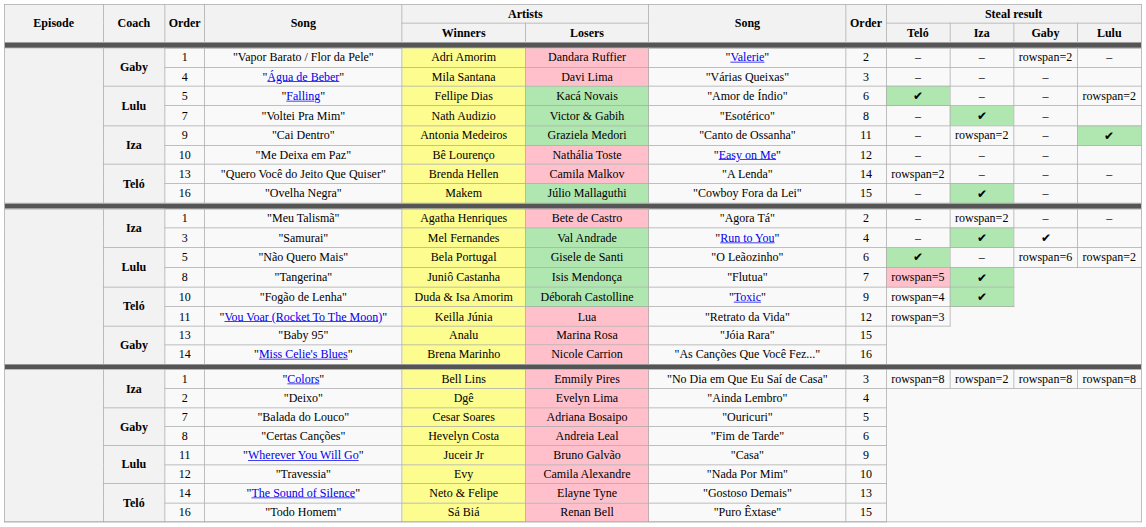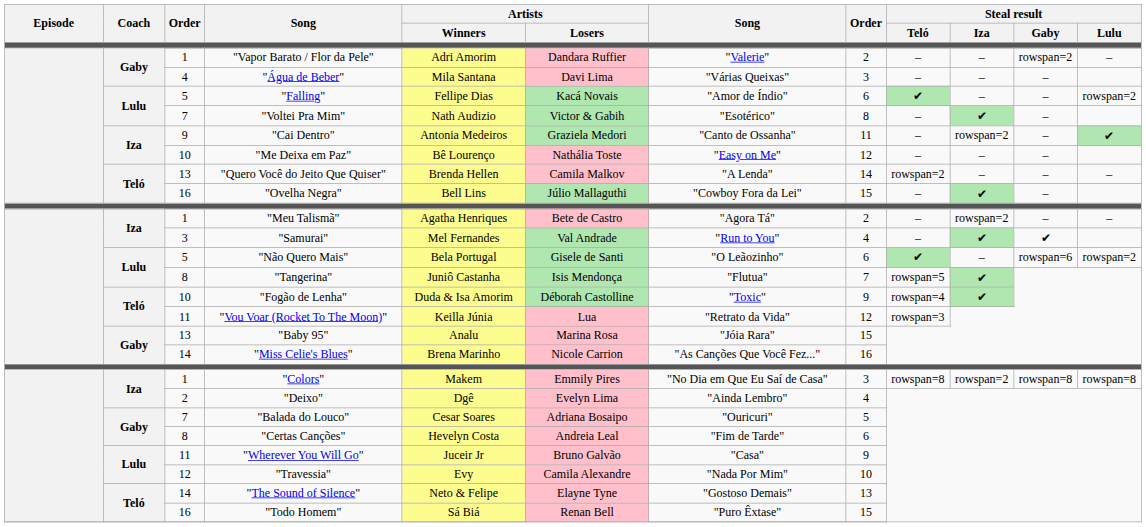 <table class="wikitable" style="text-align:center; width:120%;">
 <tr>
 <th scope="col" width="08.0%" rowspan=2>Episode</th>
 <th scope="col" width="05.0%" rowspan=2>Coach</th>
 <th scope="col" width="02.5%" rowspan=2>Order</th>
 <th scope="col" width="16.0%" rowspan=2>Song</th>
 <th scope="col" width="20.0%" colspan=2>Artists</th>
 <th scope="col" width="16.0%" rowspan=2>Song</th>
 <th scope="col" width="02.5%" rowspan=2>Order</th>
 <th scope="col" width="20.0%" colspan=4>Steal result</th>
 </tr>
 <tr>
 <th scope="col" width="10%">Winners</th>
 <th scope="col" width="10%">Losers</th>
 <th scope="col" width="05%">Teló</th>
 <th scope="col" width="05%">Iza</th>
 <th scope="col" width="05%">Gaby</th>
 <th scope="col" width="05%">Lulu</th>
 </tr>
 <tr>
 <td colspan=12 bgcolor=555555></td>
 </tr>
 <tr>
 <th rowspan=8></th>
 <th rowspan=2>Gaby</th>
 <td>1</td>
 <td>"Vapor Barato / Flor da Pele"</td>
 <td bgcolor=FDFC8F>Adri Amorim</td>
 <td bgcolor=FFC0CB>Dandara Ruffier</td>
 <td>"<a href='#'>Valerie</a>"</td>
 <td>2</td>
 <td>–</td>
 <td>–</td>
 <td>rowspan=2 </td>
 <td>–</td>
 </tr>
 <tr>
 <td>4</td>
 <td>"<a href='#'>Água de Beber</a>"</td>
 <td bgcolor=FDFC8F>Mila Santana</td>
 <td bgcolor=FFC0CB>Davi Lima</td>
 <td>"Várias Queixas"</td>
 <td>3</td>
 <td>–</td>
 <td>–</td>
 <td>–</td>
 </tr>
 <tr>
 <th rowspan=2>Lulu</th>
 <td>5</td>
 <td>"<a href='#'>Falling</a>"</td>
 <td bgcolor=FDFC8F>Fellipe Dias</td>
 <td bgcolor=B0E6B0>Kacá Novais</td>
 <td>"Amor de Índio"</td>
 <td>6</td>
 <td bgcolor=B0E6B0>✔</td>
 <td>–</td>
 <td>–</td>
 <td>rowspan=2 </td>
 </tr>
 <tr>
 <td>7</td>
 <td>"Voltei Pra Mim"</td>
 <td bgcolor=FDFC8F>Nath Audizio</td>
 <td bgcolor=B0E6B0>Victor & Gabih</td>
 <td>"Esotérico"</td>
 <td>8</td>
 <td>–</td>
 <td bgcolor=B0E6B0>✔</td>
 <td>–</td>
 </tr>
 <tr>
 <th rowspan=2>Iza</th>
 <td>9</td>
 <td>"Cai Dentro"</td>
 <td bgcolor=FDFC8F>Antonia Medeiros</td>
 <td bgcolor=B0E6B0>Graziela Medori</td>
 <td>"Canto de Ossanha"</td>
 <td>11</td>
 <td>–</td>
 <td>rowspan=2 </td>
 <td>–</td>
 <td bgcolor=B0E6B0>✔</td>
 </tr>
 <tr>
 <td>10</td>
 <td>"Me Deixa em Paz"</td>
 <td bgcolor=FDFC8F>Bê Lourenço</td>
 <td bgcolor=FFC0CB>Nathália Toste</td>
 <td>"<a href='#'>Easy on Me</a>"</td>
 <td>12</td>
 <td>–</td>
 <td>–</td>
 <td>–</td>
 </tr>
 <tr>
 <th rowspan=2>Teló</th>
 <td>13</td>
 <td>"Quero Você do Jeito Que Quiser"</td>
 <td bgcolor=FDFC8F>Brenda Hellen</td>
 <td bgcolor=FFC0CB>Camila Malkov</td>
 <td>"A Lenda"</td>
 <td>14</td>
 <td>rowspan=2 </td>
 <td>–</td>
 <td>–</td>
 <td>–</td>
 </tr>
 <tr>
 <td>16</td>
 <td>"Ovelha Negra"</td>
-<td bgcolor=FDFC8F>Makem</td>
+<td bgcolor=FDFC8F>Bell Lins</td>
 <td bgcolor=B0E6B0>Júlio Mallaguthi</td>
 <td>"Cowboy Fora da Lei"</td>
 <td>15</td>
 <td>–</td>
 <td bgcolor=B0E6B0>✔</td>
 <td>–</td>
 </tr>
 <tr>
 <td colspan=12 bgcolor=555555></td>
 </tr>
 <tr>
 <th rowspan=8></th>
 <th rowspan=2>Iza</th>
 <td>1</td>
 <td>"Meu Talismã"</td>
 <td bgcolor=FDFC8F>Agatha Henriques</td>
 <td bgcolor=FFC0CB>Bete de Castro</td>
 <td>"Agora Tá"</td>
 <td>2</td>
 <td>–</td>
 <td>rowspan=2 </td>
 <td>–</td>
 <td>–</td>
 </tr>
 <tr>
 <td>3</td>
 <td>"Samurai"</td>
 <td bgcolor=FDFC8F>Mel Fernandes</td>
 <td bgcolor=B0E6B0>Val Andrade</td>
 <td>"<a href='#'>Run to You</a>"</td>
 <td>4</td>
 <td>–</td>
 <td bgcolor=B0E6B0>✔</td>
 <td>✔</td>
 </tr>
 <tr>
 <th rowspan=2>Lulu</th>
 <td>5</td>
 <td>"Não Quero Mais"</td>
 <td bgcolor=FDFC8F>Bela Portugal</td>
 <td bgcolor=B0E6B0>Gisele de Santi</td>
 <td>"O Leãozinho"</td>
 <td>6</td>
 <td bgcolor=B0E6B0>✔</td>
 <td>–</td>
 <td>rowspan=6 </td>
 <td>rowspan=2 </td>
 </tr>
 <tr>
 <td>8</td>
 <td>"Tangerina"</td>
 <td bgcolor=FDFC8F>Juniô Castanha</td>
 <td bgcolor=B0E6B0>Isis Mendonça</td>
 <td>"Flutua"</td>
 <td>7</td>
-<td style="background: pink;">rowspan=5 </td>
+<td>rowspan=5 </td>
 <td bgcolor=B0E6B0>✔</td>
 </tr>
 <tr>
 <th rowspan=2>Teló</th>
 <td>10</td>
 <td>"Fogão de Lenha"</td>
 <td bgcolor=FDFC8F>Duda & Isa Amorim</td>
 <td bgcolor=B0E6B0>Déborah Castolline</td>
 <td>"<a href='#'>Toxic</a>"</td>
 <td>9</td>
 <td>rowspan=4 </td>
 <td bgcolor=B0E6B0>✔</td>
 </tr>
 <tr>
 <td>11</td>
 <td>"<a href='#'>Vou Voar (Rocket To The Moon)</a>"</td>
 <td bgcolor=FDFC8F>Keilla Júnia</td>
 <td bgcolor=FFC0CB>Lua</td>
 <td>"Retrato da Vida"</td>
 <td>12</td>
 <td>rowspan=3 </td>
 </tr>
 <tr>
 <th rowspan=2>Gaby</th>
 <td>13</td>
 <td>"Baby 95"</td>
 <td bgcolor=FDFC8F>Analu</td>
 <td bgcolor=FFC0CB>Marina Rosa</td>
 <td>"Jóia Rara"</td>
 <td>15</td>
 </tr>
 <tr>
 <td>14</td>
 <td>"<a href='#'>Miss Celie's Blues</a>"</td>
 <td bgcolor=FDFC8F>Brena Marinho</td>
 <td bgcolor=FFC0CB>Nicole Carrion</td>
 <td>"As Canções Que Você Fez..."</td>
 <td>16</td>
 </tr>
 <tr>
 <td colspan=12 bgcolor=555555></td>
 </tr>
 <tr>
 <th rowspan=8></th>
 <th rowspan=2>Iza</th>
 <td>1</td>
 <td>"<a href='#'>Colors</a>"</td>
-<td bgcolor=FDFC8F>Bell Lins</td>
+<td bgcolor=FDFC8F>Makem</td>
 <td bgcolor=FFC0CB>Emmily Pires</td>
 <td>"No Dia em Que Eu Saí de Casa"</td>
 <td>3</td>
 <td>rowspan=8 </td>
 <td>rowspan=2 </td>
 <td>rowspan=8 </td>
 <td>rowspan=8 </td>
 </tr>
 <tr>
 <td>2</td>
 <td>"Deixo"</td>
 <td bgcolor=FDFC8F>Dgê</td>
 <td bgcolor=FFC0CB>Evelyn Lima</td>
 <td>"Ainda Lembro"</td>
 <td>4</td>
 </tr>
 <tr>
 <th rowspan=2>Gaby</th>
 <td>7</td>
 <td>"Balada do Louco"</td>
 <td bgcolor=FDFC8F>Cesar Soares</td>
 <td bgcolor=FFC0CB>Adriana Bosaipo</td>
 <td>"Ouricuri"</td>
 <td>5</td>
 </tr>
 <tr>
 <td>8</td>
 <td>"Certas Canções"</td>
 <td bgcolor=FDFC8F>Hevelyn Costa</td>
 <td bgcolor=FFC0CB>Andreia Leal</td>
 <td>"Fim de Tarde"</td>
 <td>6</td>
 </tr>
 <tr>
 <th rowspan=2>Lulu</th>
 <td>11</td>
 <td>"<a href='#'>Wherever You Will Go</a>"</td>
 <td bgcolor=FDFC8F>Juceir Jr</td>
 <td bgcolor=FFC0CB>Bruno Galvão</td>
 <td>"Casa"</td>
 <td>9</td>
 </tr>
 <tr>
 <td>12</td>
 <td>"Travessia"</td>
 <td bgcolor=FDFC8F>Evy</td>
 <td bgcolor=FFC0CB>Camila Alexandre</td>
 <td>"Nada Por Mim"</td>
 <td>10</td>
 </tr>
 <tr>
 <th rowspan=2>Teló</th>
 <td>14</td>
 <td>"<a href='#'>The Sound of Silence</a>"</td>
 <td bgcolor=FDFC8F>Neto & Felipe</td>
 <td bgcolor=FFC0CB>Elayne Tyne</td>
 <td>"Gostoso Demais"</td>
 <td>13</td>
 </tr>
 <tr>
 <td>16</td>
 <td>"Todo Homem"</td>
 <td bgcolor=FDFC8F>Sá Biá</td>
 <td bgcolor=FFC0CB>Renan Bell</td>
 <td>"Puro Êxtase"</td>
 <td>15</td>
 </tr>
 <tr>
 </tr>
 </table>
